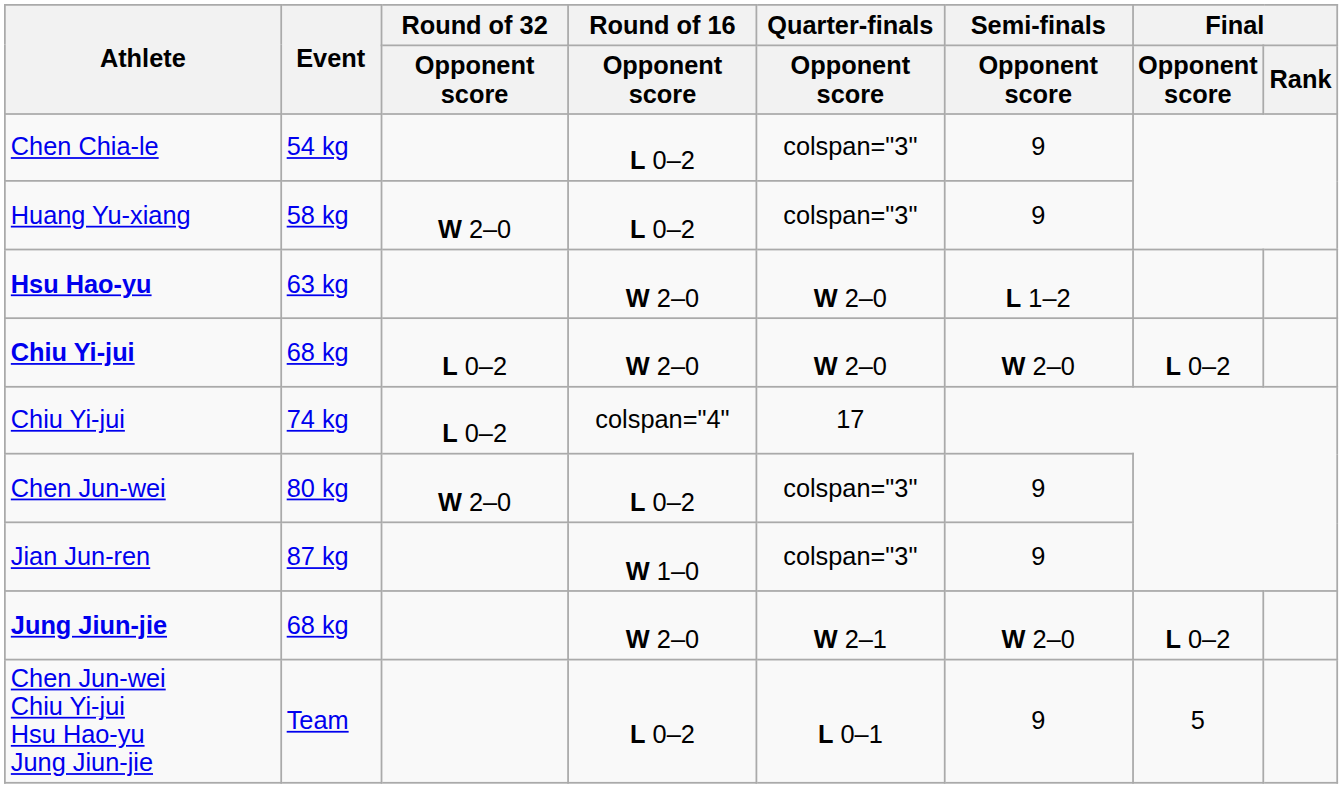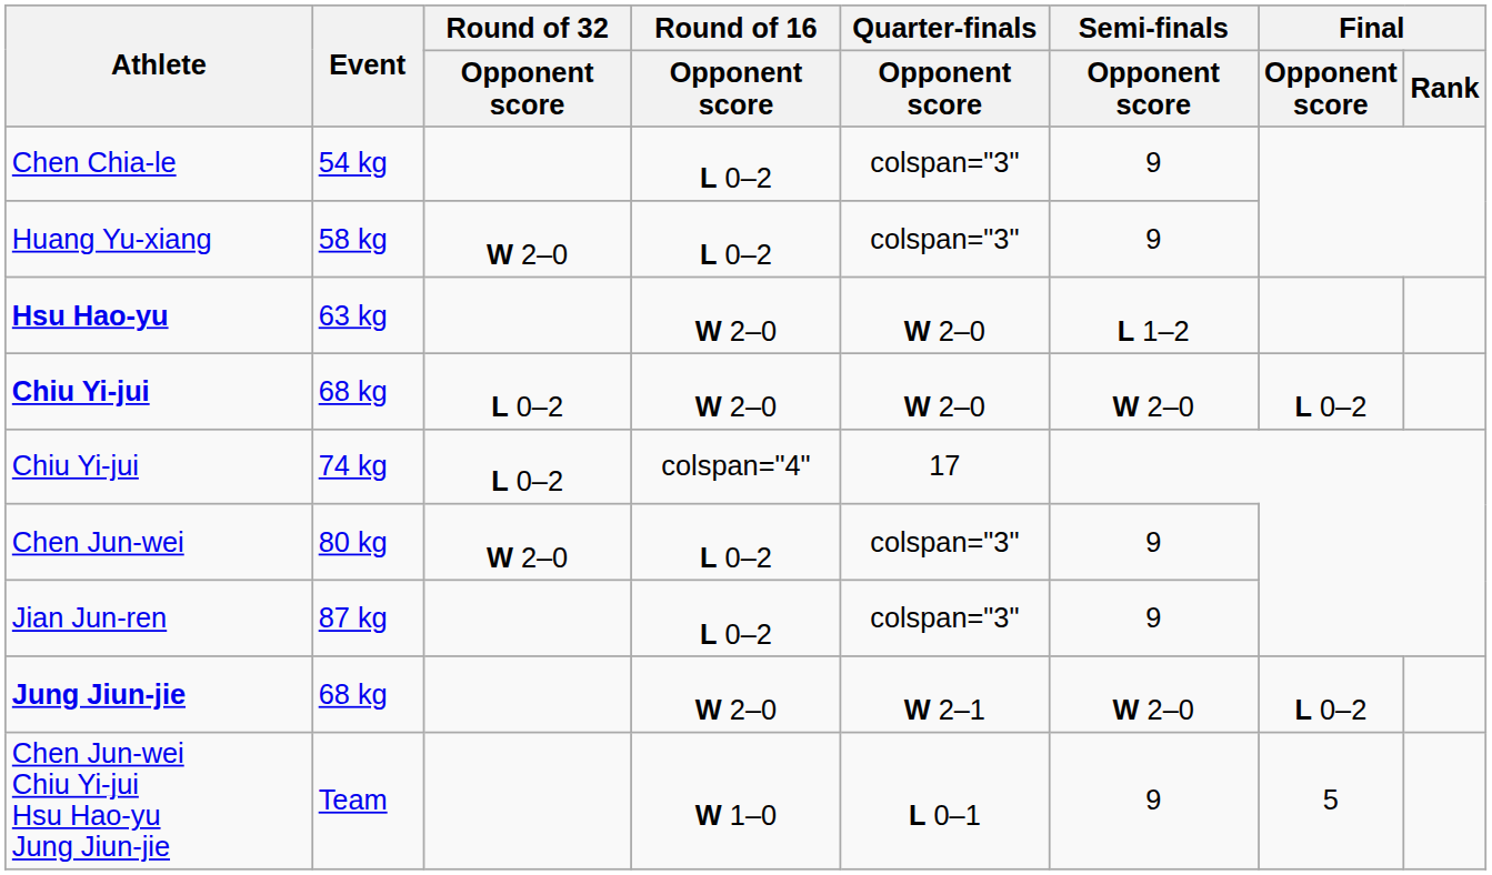 <table class="wikitable" style="font-size:90%; text-align:center">
 <tr>
 <th rowspan="2" width="150">Athlete</th>
 <th rowspan="2" width="50">Event</th>
 <th width="100">Round of 32</th>
 <th width="100">Round of 16</th>
 <th width="100">Quarter-finals</th>
 <th width="100">Semi-finals</th>
 <th colspan="2" width="100">Final</th>
 </tr>
 <tr>
 <th>Opponent<br>score</th>
 <th>Opponent<br>score</th>
 <th>Opponent<br>score</th>
 <th>Opponent<br>score</th>
 <th>Opponent<br>score</th>
 <th>Rank</th>
 </tr>
 <tr>
 <td align="left"><a href='#'>Chen Chia-le</a></td>
 <td align="left"><a href='#'>54 kg</a></td>
 <td></td>
 <td><br><strong>L</strong> 0–2</td>
 <td>colspan="3" </td>
 <td>9</td>
 </tr>
 <tr>
 <td align="left"><a href='#'>Huang Yu-xiang</a></td>
 <td align="left"><a href='#'>58 kg</a></td>
 <td><br><strong>W</strong> 2–0</td>
 <td><br><strong>L</strong> 0–2</td>
 <td>colspan="3" </td>
 <td>9</td>
 </tr>
 <tr>
 <td align="left"><strong><a href='#'>Hsu Hao-yu</a></strong></td>
 <td align="left"><a href='#'>63 kg</a></td>
 <td></td>
 <td><br><strong>W</strong> 2–0</td>
 <td><br><strong>W</strong> 2–0</td>
 <td><br><strong>L</strong> 1–2</td>
 <td></td>
 <td></td>
 </tr>
 <tr>
 <td align="left"><strong><a href='#'>Chiu Yi-jui</a></strong></td>
 <td align="left"><a href='#'>68 kg</a></td>
 <td><br><strong>L</strong> 0–2</td>
 <td><br><strong>W</strong> 2–0</td>
 <td><br><strong>W</strong> 2–0</td>
 <td><br><strong>W</strong> 2–0</td>
 <td><br><strong>L</strong> 0–2</td>
 <td></td>
 </tr>
 <tr>
 <td align="left"><a href='#'>Chiu Yi-jui</a></td>
 <td align="left"><a href='#'>74 kg</a></td>
 <td><br><strong>L</strong> 0–2</td>
 <td>colspan="4" </td>
 <td>17</td>
 </tr>
 <tr>
 <td align="left"><a href='#'>Chen Jun-wei</a></td>
 <td align="left"><a href='#'>80 kg</a></td>
 <td><br><strong>W</strong> 2–0</td>
 <td><br><strong>L</strong> 0–2</td>
 <td>colspan="3" </td>
 <td>9</td>
 </tr>
 <tr>
 <td align="left"><a href='#'>Jian Jun-ren</a></td>
 <td align="left"><a href='#'>87 kg</a></td>
 <td></td>
-<td><br><strong>W</strong> 1–0</td>
+<td><br><strong>L</strong> 0–2</td>
 <td>colspan="3" </td>
 <td>9</td>
 </tr>
 <tr>
 <td align="left"><strong><a href='#'>Jung Jiun-jie</a></strong></td>
 <td align="left"><a href='#'>68 kg</a></td>
 <td></td>
 <td><br><strong>W</strong> 2–0</td>
 <td><br><strong>W</strong> 2–1</td>
 <td><br><strong>W</strong> 2–0</td>
 <td><br><strong>L</strong> 0–2</td>
 <td></td>
 </tr>
 <tr>
 <td align="left"><a href='#'>Chen Jun-wei</a><br><a href='#'>Chiu Yi-jui</a><br><a href='#'>Hsu Hao-yu</a><br><a href='#'>Jung Jiun-jie</a></td>
 <td align="left"><a href='#'>Team</a></td>
 <td></td>
-<td><br><strong>L</strong> 0–2</td>
+<td><br><strong>W</strong> 1–0</td>
 <td><br><strong>L</strong> 0–1</td>
 <td>9</td>
 <td>5</td>
 </tr>
 </table>
